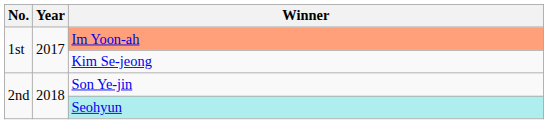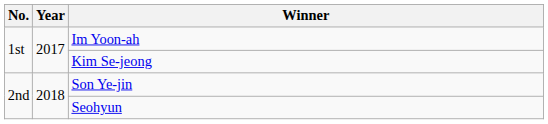 <table class="wikitable" style="width:600px">
 <tr>
 <th width=10>No.</th>
 <th width=10>Year</th>
 <th>Winner</th>
 </tr>
 <tr>
 <td rowspan=2>1st</td>
 <td rowspan=2>2017</td>
-<td style="background: lightsalmon;"><a href='#'>Im Yoon-ah</a></td>
+<td><a href='#'>Im Yoon-ah</a></td>
 </tr>
 <tr>
 <td><a href='#'>Kim Se-jeong</a></td>
 </tr>
 <tr>
 <td rowspan=2>2nd</td>
 <td rowspan=2>2018</td>
 <td><a href='#'>Son Ye-jin</a></td>
 </tr>
 <tr>
-<td style="background: paleturquoise;"><a href='#'>Seohyun</a></td>
+<td><a href='#'>Seohyun</a></td>
 </tr>
 </table>
